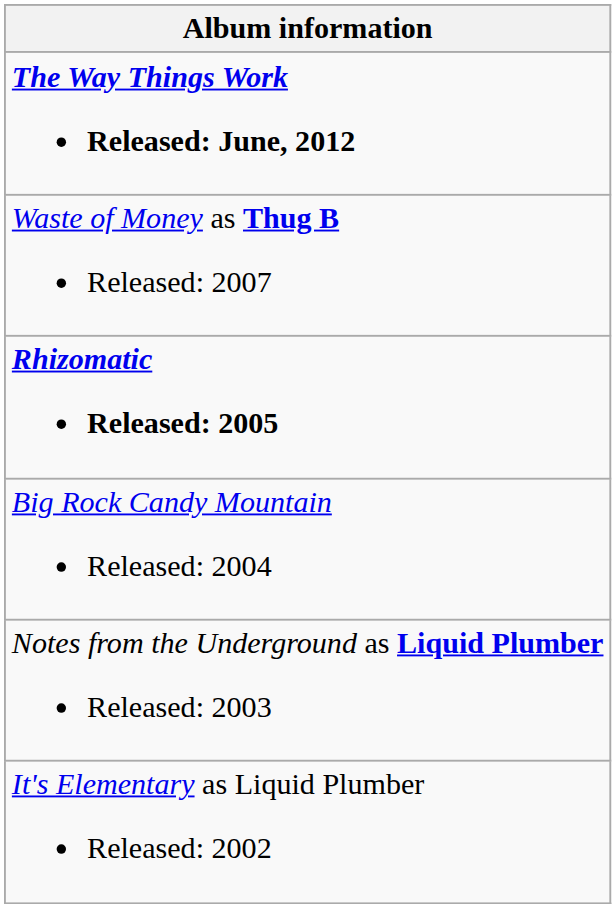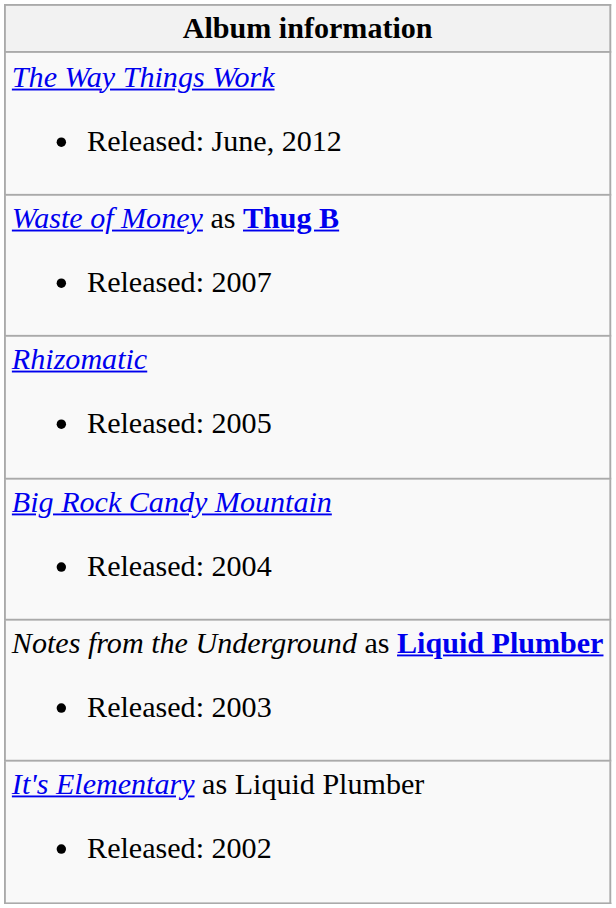 <table class="wikitable">
 <tr>
 <th align="left">Album information</th>
 </tr>
 <tr>
-<td><strong><em><a href='#'>The Way Things Work</a></em><br><ul><li>Released: June, 2012</li></ul></strong></td>
+<td><em><a href='#'>The Way Things Work</a></em><br><ul><li>Released: June, 2012</li></ul></td>
 </tr>
 <tr>
 <td><em><a href='#'>Waste of Money</a></em> as <strong><a href='#'>Thug B</a></strong><br><ul><li>Released: 2007</li></ul></td>
 </tr>
 <tr>
-<td><strong><em><a href='#'>Rhizomatic</a></em><br><ul><li>Released: 2005</li></ul></strong></td>
+<td><em><a href='#'>Rhizomatic</a></em><br><ul><li>Released: 2005</li></ul></td>
 </tr>
 <tr>
 <td><em><a href='#'>Big Rock Candy Mountain</a></em><br><ul><li>Released: 2004</li></ul></td>
 </tr>
 <tr>
 <td><em>Notes from the Underground</em> as <strong><a href='#'>Liquid Plumber</a></strong><br><ul><li>Released: 2003</li></ul></td>
 </tr>
 <tr>
 <td><em><a href='#'>It's Elementary</a></em> as Liquid Plumber<br><ul><li>Released: 2002</li></ul></td>
 </tr>
 <tr>
 </tr>
 </table>
